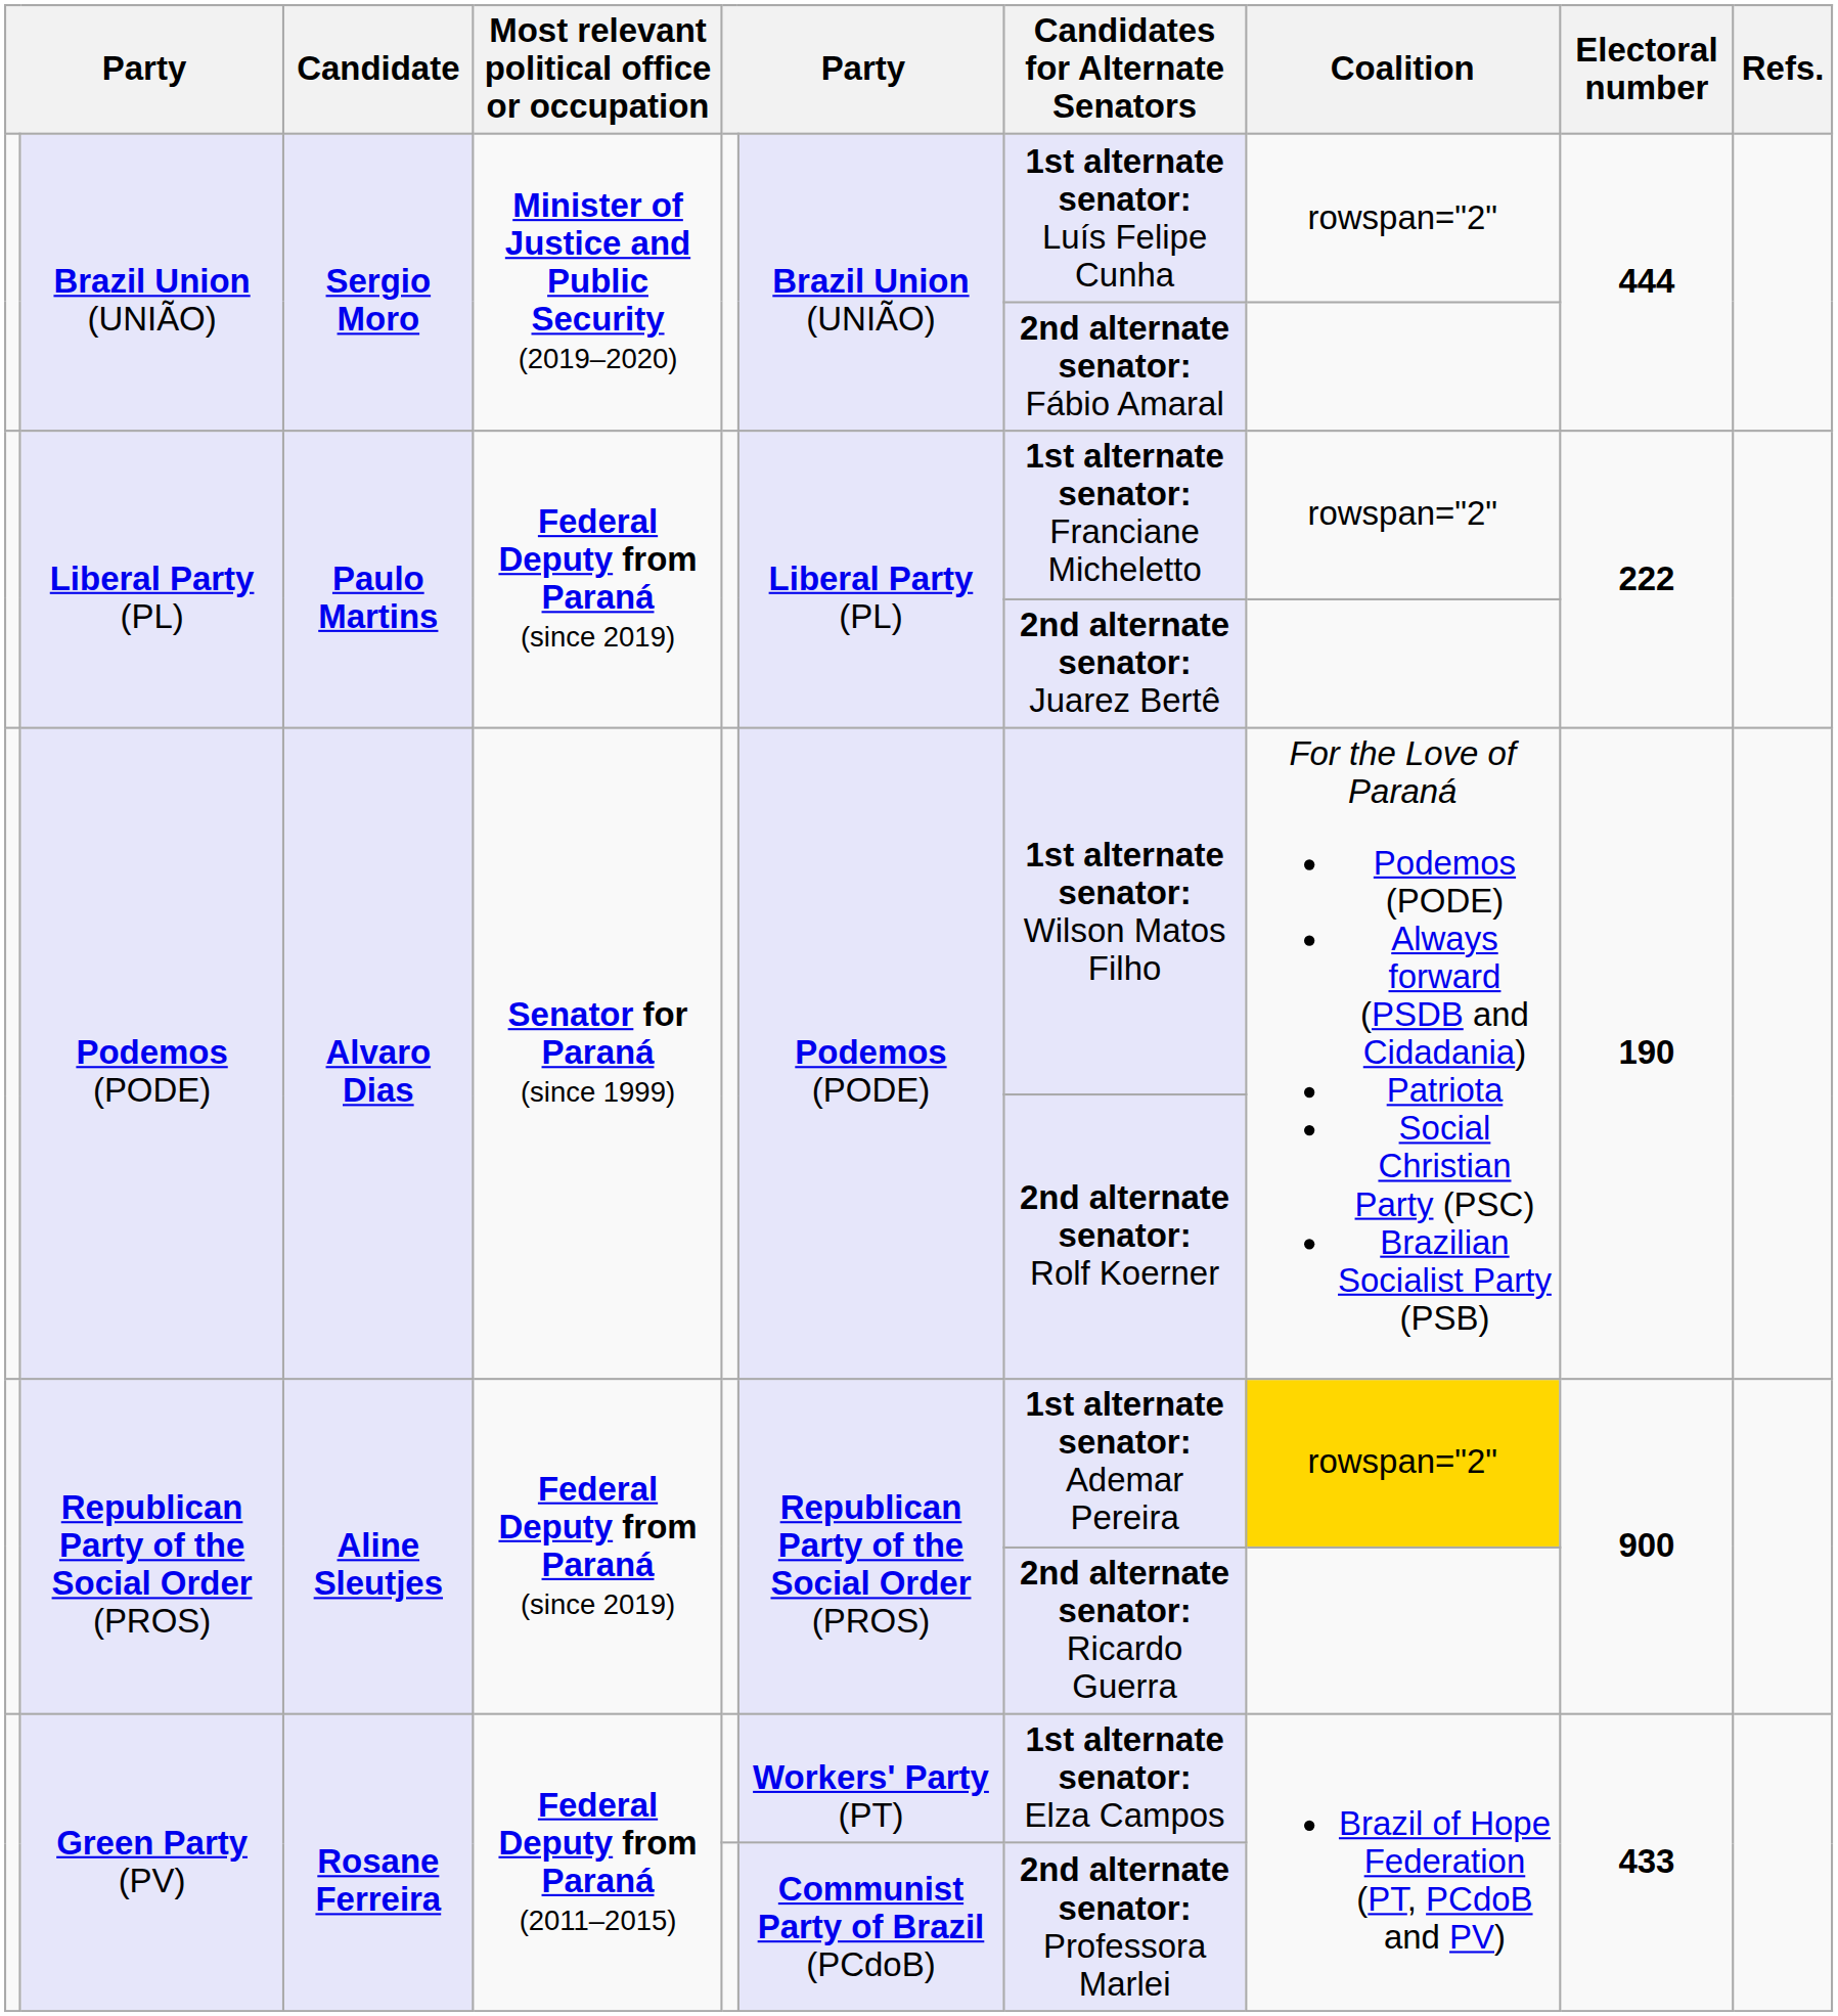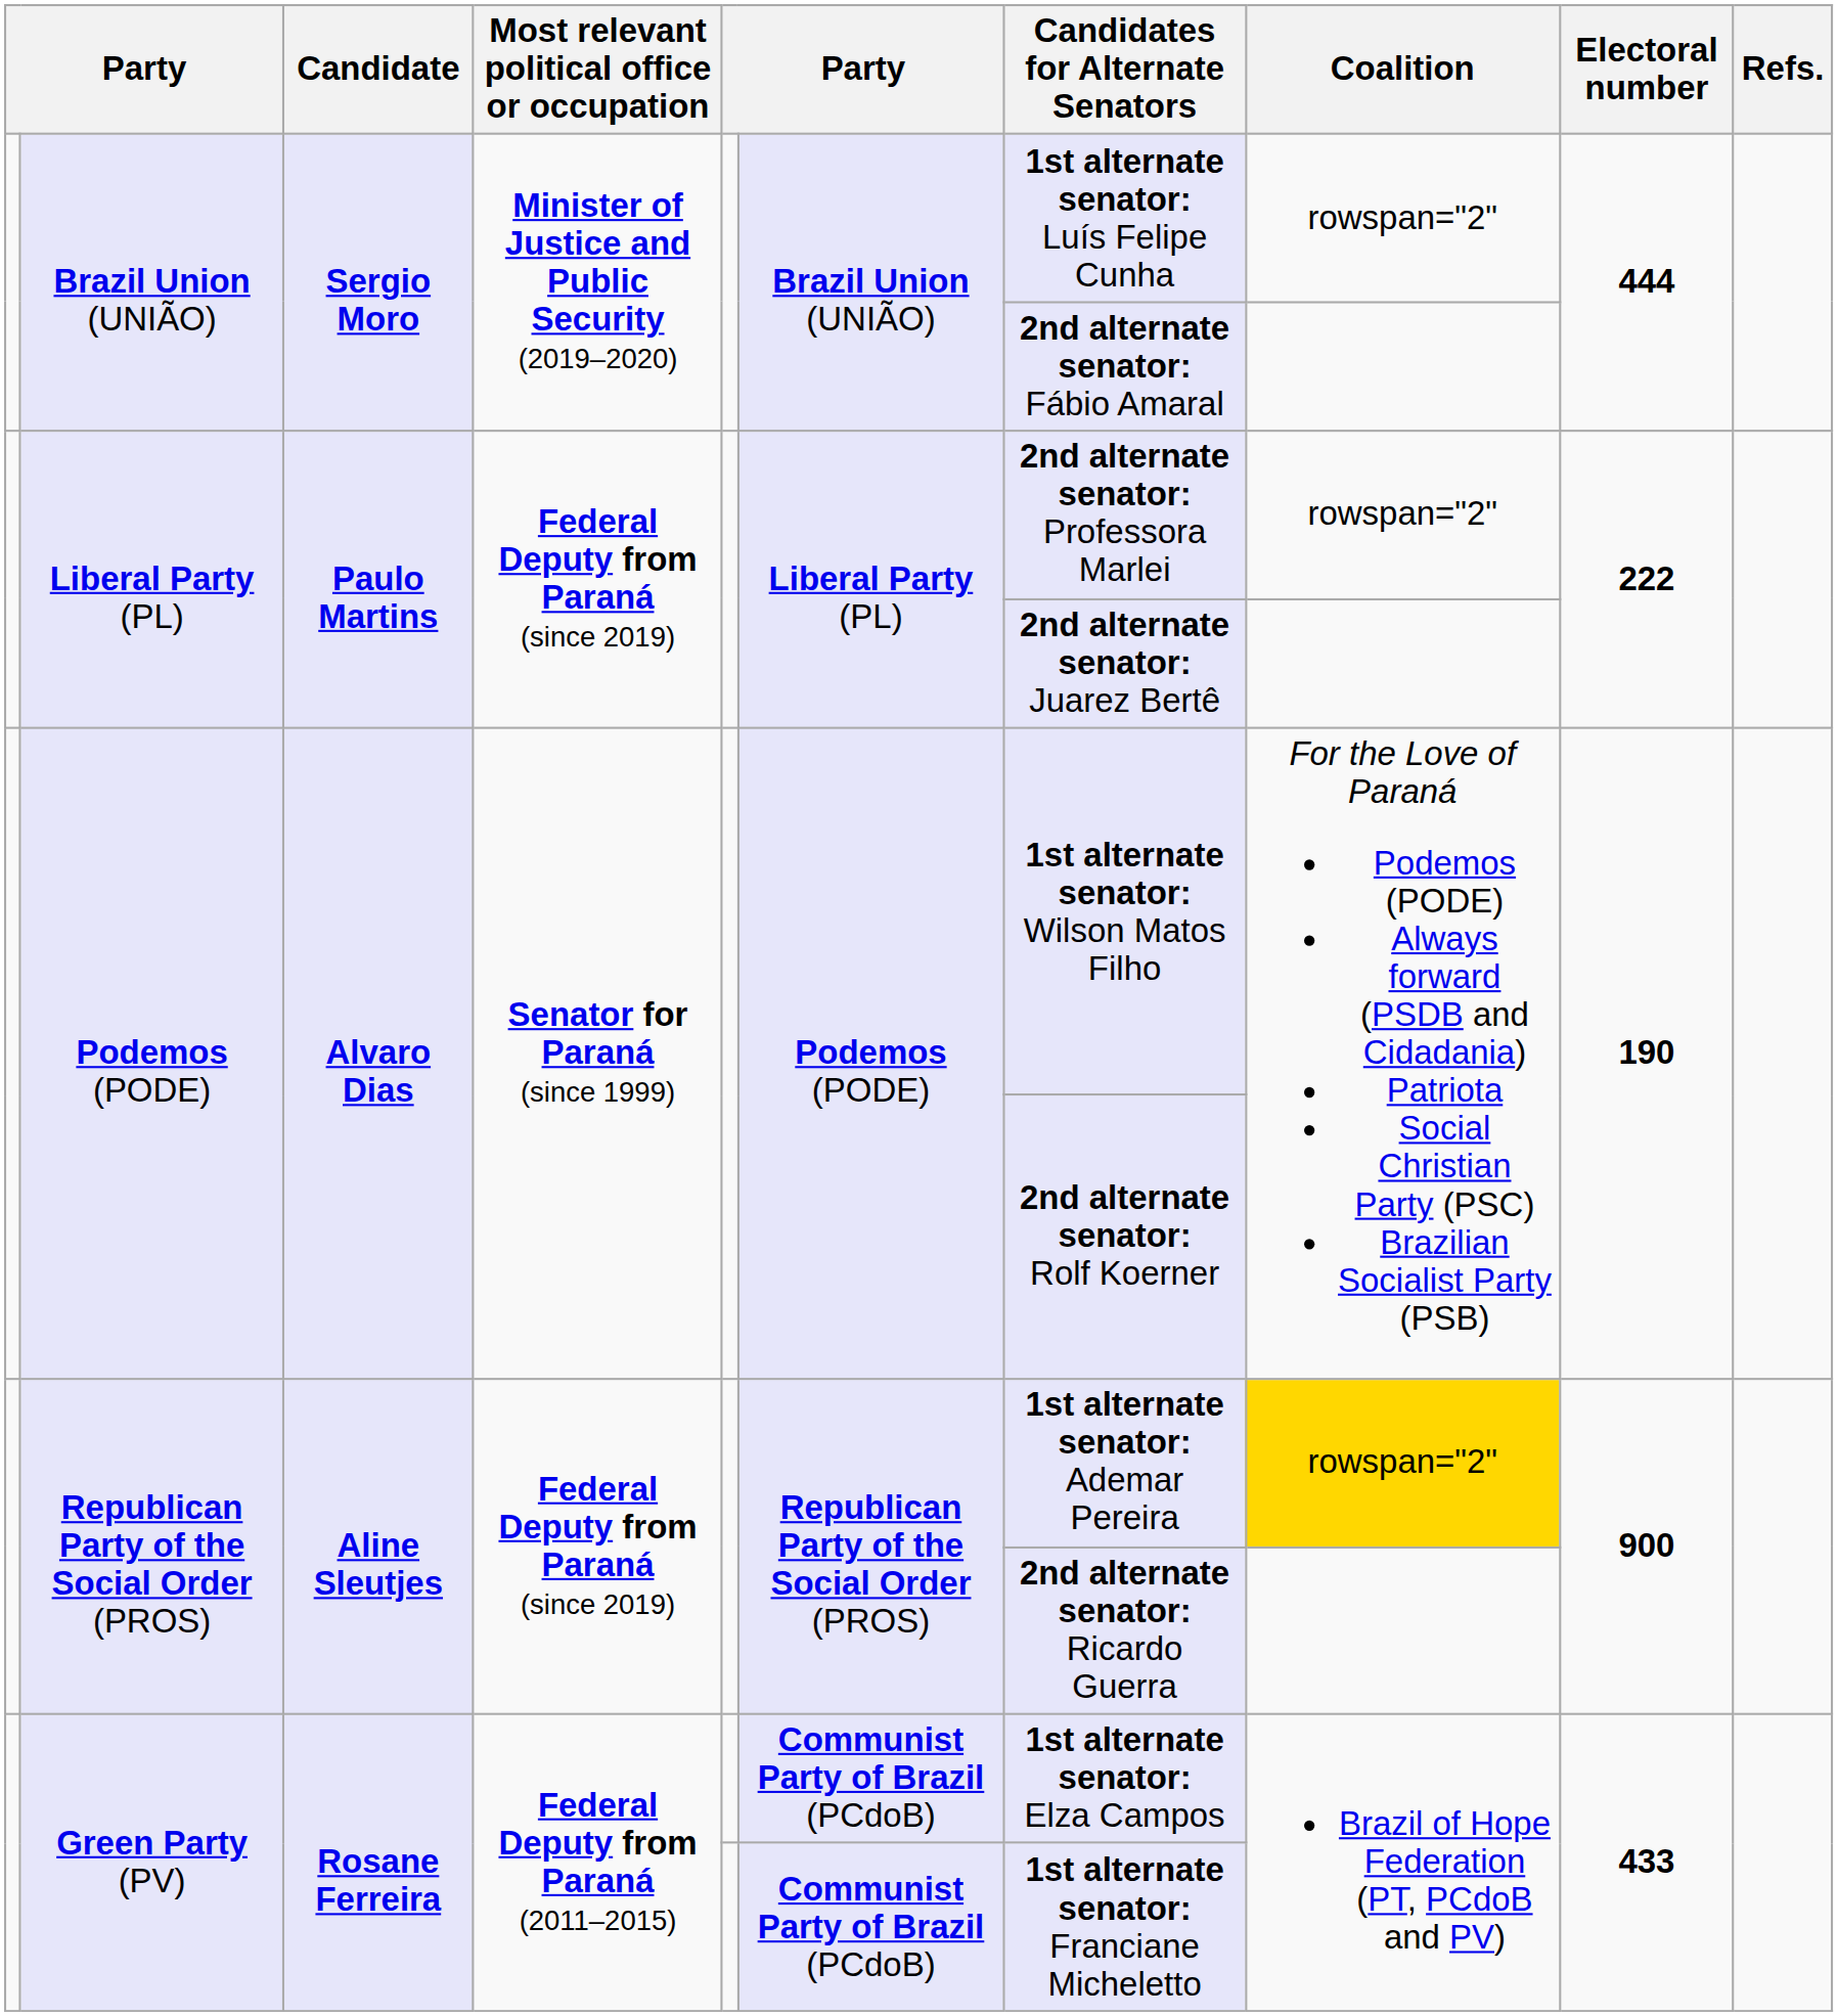 <table class="wikitable" style="text-align:center">
 <tr>
 <th colspan="2">Party</th>
 <th>Candidate</th>
 <th style="max-width:10em">Most relevant political office or occupation</th>
 <th colspan="2">Party</th>
 <th>Candidates for Alternate Senators</th>
 <th>Coalition</th>
 <th>Electoral number</th>
 <th>Refs.</th>
 </tr>
 <tr>
 <td rowspan="2" style="background-color:"></td>
 <td rowspan="2" style="background:lavender;"><br><strong><a href='#'>Brazil Union</a></strong> (UNIÃO)</td>
 <td rowspan="2" style="background:lavender;"><br><strong><a href='#'>Sergio Moro</a></strong></td>
 <td rowspan="2"><strong><a href='#'>Minister of Justice and Public Security</a></strong><br><small>(2019–2020)</small></td>
 <td rowspan="2" style="background-color:"></td>
 <td rowspan="2" style="background:lavender;"><br><strong><a href='#'>Brazil Union</a></strong> (UNIÃO)</td>
 <td style="background:lavender;"><strong>1st alternate senator:</strong><br>Luís Felipe Cunha</td>
 <td>rowspan="2" </td>
 <td rowspan="2"><strong>444</strong></td>
 <td rowspan="2"></td>
 </tr>
 <tr>
 <td style="background:lavender;"><strong>2nd alternate senator:</strong><br>Fábio Amaral</td>
 </tr>
 <tr>
 <td rowspan="2" style="background-color:"></td>
 <td rowspan="2" style="background:lavender;"><br><strong><a href='#'>Liberal Party</a></strong> (PL)</td>
 <td rowspan="2" style="background:lavender;"><br><strong><a href='#'>Paulo Martins</a></strong></td>
 <td rowspan="2"><strong><a href='#'>Federal Deputy</a> from <a href='#'>Paraná</a></strong><br><small>(since 2019)</small></td>
 <td rowspan="2" style="background-color:"></td>
 <td rowspan="2" style="background:lavender;"><br><strong><a href='#'>Liberal Party</a></strong> (PL)</td>
-<td style="background:lavender;"><strong>1st alternate senator:</strong><br>Franciane Micheletto</td>
+<td style="background:lavender;"><strong>2nd alternate senator:</strong><br>Professora Marlei</td>
 <td>rowspan="2" </td>
 <td rowspan="2"><strong>222</strong></td>
 <td rowspan="2"></td>
 </tr>
 <tr>
 <td style="background:lavender;"><strong>2nd alternate senator:</strong><br>Juarez Bertê</td>
 </tr>
 <tr>
 <td rowspan="2" style="background-color:"></td>
 <td rowspan="2" style="background:lavender;"><strong></strong><br><strong><a href='#'>Podemos</a></strong> (PODE)</td>
 <td rowspan="2" style="background:lavender;"><br><strong><a href='#'>Alvaro Dias</a></strong></td>
 <td rowspan="2"><strong><a href='#'>Senator</a> for <a href='#'>Paraná</a></strong><br><small>(since 1999)</small></td>
 <td rowspan="2" style="background-color:"></td>
 <td rowspan="2" style="background:lavender;"><strong></strong><br><strong><a href='#'>Podemos</a></strong> (PODE)</td>
 <td style="background:lavender;"><strong>1st alternate senator:</strong><br>Wilson Matos Filho</td>
 <td rowspan="2"><em>For the Love of Paraná</em><br><ul><li><a href='#'>Podemos</a> (PODE)</li><li><a href='#'>Always forward</a> (<a href='#'>PSDB</a> and <a href='#'>Cidadania</a>)</li><li><a href='#'>Patriota</a></li><li><a href='#'>Social Christian Party</a> (PSC)</li><li><a href='#'>Brazilian Socialist Party</a> (PSB)</li></ul></td>
 <td rowspan="2"><strong>190</strong></td>
 <td rowspan="2"></td>
 </tr>
 <tr>
 <td style="background:lavender;"><strong>2nd alternate senator:</strong><br>Rolf Koerner</td>
 </tr>
 <tr>
 <td rowspan="2" style="background-color:"></td>
 <td rowspan="2" style="background:lavender;"><br><strong><a href='#'>Republican Party of the Social Order</a></strong> (PROS)</td>
 <td rowspan="2" style="background:lavender;"><br><strong><a href='#'>Aline Sleutjes</a></strong></td>
 <td rowspan="2"><strong><a href='#'>Federal Deputy</a> from <a href='#'>Paraná</a></strong><br><small>(since 2019)</small></td>
 <td rowspan="2" style="background-color:"></td>
 <td rowspan="2" style="background:lavender;"><br><strong><a href='#'>Republican Party of the Social Order</a></strong> (PROS)</td>
 <td style="background:lavender;"><strong>1st alternate senator:</strong><br>Ademar Pereira</td>
 <td style="background: gold;">rowspan="2" </td>
 <td rowspan="2"><strong>900</strong></td>
 <td rowspan="2"></td>
 </tr>
 <tr>
 <td style="background:lavender;"><strong>2nd alternate senator:</strong><br>Ricardo Guerra</td>
 </tr>
 <tr>
 <td rowspan="2" style="background-color:"></td>
 <td rowspan="2" style="background:lavender;"> <a href='#'><strong>Green Party</strong></a> (PV)</td>
 <td rowspan="2" style="background:lavender;"><br><strong><a href='#'>Rosane Ferreira</a></strong></td>
 <td rowspan="2"><strong><a href='#'>Federal Deputy</a> from <a href='#'>Paraná</a></strong><br><small>(2011–2015)</small></td>
 <td style="background-color:"></td>
-<td style="background:lavender;"><br><strong><a href='#'>Workers' Party</a></strong> (PT)</td>
+<td style="background:lavender;"><strong><a href='#'>Communist Party of Brazil</a></strong> (PCdoB)</td>
 <td style="background:lavender;"><strong>1st alternate senator:</strong><br>Elza Campos</td>
 <td rowspan="2"><br><ul><li><a href='#'>Brazil of Hope Federation</a> <br> (<a href='#'>PT</a>, <a href='#'>PCdoB</a> and <a href='#'>PV</a>)</li></ul></td>
 <td rowspan="2"><strong>433</strong></td>
 <td rowspan="2"></td>
 </tr>
 <tr>
 <td style="background-color:"></td>
 <td style="background:lavender;"><strong><a href='#'>Communist Party of Brazil</a></strong> (PCdoB)</td>
-<td style="background:lavender;"><strong>2nd alternate senator:</strong><br>Professora Marlei</td>
+<td style="background:lavender;"><strong>1st alternate senator:</strong><br>Franciane Micheletto</td>
 </tr>
 </table>
